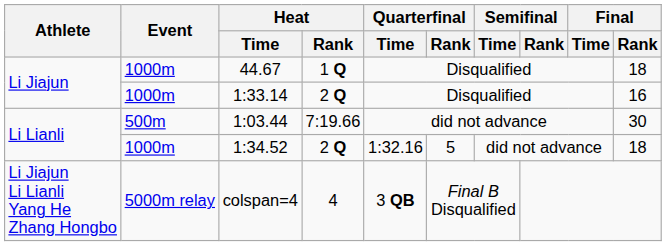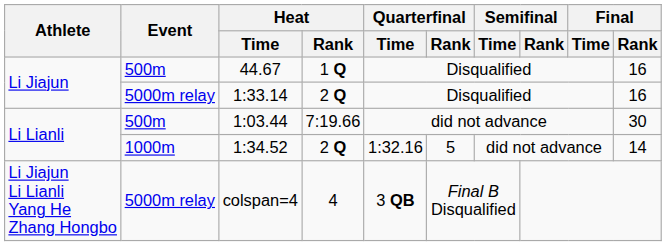 <table class="wikitable" style="font-size:90%">
 <tr>
 <th rowspan="2">Athlete</th>
 <th rowspan="2">Event</th>
 <th colspan="2">Heat</th>
 <th colspan="2">Quarterfinal</th>
 <th colspan="2">Semifinal</th>
 <th colspan="2">Final</th>
 </tr>
 <tr>
 <th>Time</th>
 <th>Rank</th>
 <th>Time</th>
 <th>Rank</th>
 <th>Time</th>
 <th>Rank</th>
 <th>Time</th>
 <th>Rank</th>
 </tr>
 <tr align="center">
 <td align="left" rowspan=2><a href='#'>Li Jiajun</a></td>
-<td align="left"><a href='#'>1000m</a></td>
+<td align="left"><a href='#'>500m</a></td>
 <td>44.67</td>
 <td>1 <strong>Q</strong></td>
 <td colspan=5>Disqualified</td>
-<td>18</td>
+<td>16</td>
 </tr>
 <tr align="center">
-<td align="left"><a href='#'>1000m</a></td>
+<td align="left"><a href='#'>5000m relay</a></td>
 <td>1:33.14</td>
 <td>2 <strong>Q</strong></td>
 <td colspan=5>Disqualified</td>
 <td>16</td>
 </tr>
 <tr align="center">
 <td align="left" rowspan=2><a href='#'>Li Lianli</a></td>
 <td align="left"><a href='#'>500m</a></td>
 <td>1:03.44</td>
 <td>7:19.66</td>
 <td colspan=5>did not advance</td>
 <td>30</td>
 </tr>
 <tr align="center">
 <td align="left"><a href='#'>1000m</a></td>
 <td>1:34.52</td>
 <td>2 <strong>Q</strong></td>
 <td>1:32.16</td>
 <td>5</td>
 <td colspan=3>did not advance</td>
-<td>18</td>
+<td>14</td>
 </tr>
 <tr align="center">
 <td align="left" rowspan=2><a href='#'>Li Jiajun</a> <br> <a href='#'>Li Lianli</a> <br> <a href='#'>Yang He</a> <br> <a href='#'>Zhang Hongbo</a></td>
 <td align="left"><a href='#'>5000m relay</a></td>
 <td>colspan=4 </td>
 <td>4</td>
 <td>3 <strong>QB</strong></td>
 <td colspan="2"><em>Final B</em> <br> Disqualified</td>
 </tr>
 </table>
